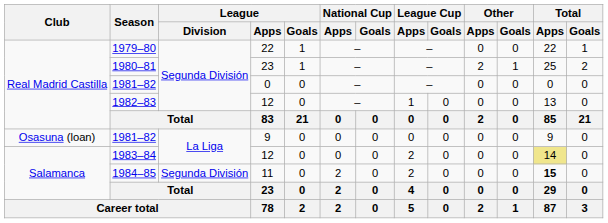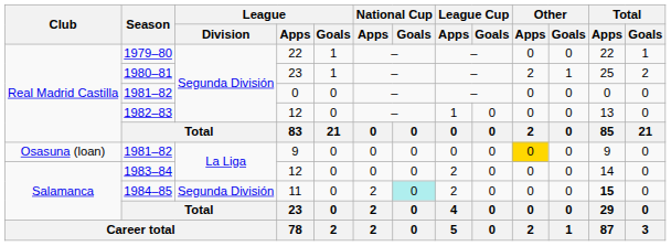 <table class="wikitable" style="text-align: center">
 <tr>
 <th rowspan="2">Club</th>
 <th rowspan="2">Season</th>
 <th colspan="3">League</th>
 <th colspan="2">National Cup</th>
 <th colspan="2">League Cup</th>
 <th colspan="2">Other</th>
 <th colspan="2">Total</th>
 </tr>
 <tr>
 <th>Division</th>
 <th>Apps</th>
 <th>Goals</th>
 <th>Apps</th>
 <th>Goals</th>
 <th>Apps</th>
 <th>Goals</th>
 <th>Apps</th>
 <th>Goals</th>
 <th>Apps</th>
 <th>Goals</th>
 </tr>
 <tr>
 <td rowspan="5"><a href='#'>Real Madrid Castilla</a></td>
 <td><a href='#'>1979–80</a></td>
 <td rowspan="4"><a href='#'>Segunda División</a></td>
 <td>22</td>
 <td>1</td>
 <td colspan="2">–</td>
 <td colspan="2">–</td>
 <td>0</td>
 <td>0</td>
 <td>22</td>
 <td>1</td>
 </tr>
 <tr>
 <td><a href='#'>1980–81</a></td>
 <td>23</td>
 <td>1</td>
 <td colspan="2">–</td>
 <td colspan="2">–</td>
 <td>2</td>
 <td>1</td>
 <td>25</td>
 <td>2</td>
 </tr>
 <tr>
 <td><a href='#'>1981–82</a></td>
 <td>0</td>
 <td>0</td>
 <td colspan="2">–</td>
 <td colspan="2">–</td>
 <td>0</td>
 <td>0</td>
 <td>0</td>
 <td>0</td>
 </tr>
 <tr>
 <td><a href='#'>1982–83</a></td>
 <td>12</td>
 <td>0</td>
 <td colspan="2">–</td>
 <td>1</td>
 <td>0</td>
 <td>0</td>
 <td>0</td>
 <td>13</td>
 <td>0</td>
 </tr>
 <tr>
 <th colspan="2"><strong>Total</strong></th>
 <th>83</th>
 <th>21</th>
 <th>0</th>
 <th>0</th>
 <th>0</th>
 <th>0</th>
 <th>2</th>
 <th>0</th>
 <th>85</th>
 <th>21</th>
 </tr>
 <tr>
 <td><a href='#'>Osasuna</a> (loan)</td>
 <td><a href='#'>1981–82</a></td>
 <td rowspan="2"><a href='#'>La Liga</a></td>
 <td>9</td>
 <td>0</td>
 <td>0</td>
 <td>0</td>
 <td>0</td>
 <td>0</td>
-<td>0</td>
+<td style="background: gold;">0</td>
 <td>0</td>
 <td>9</td>
 <td>0</td>
 </tr>
 <tr>
 <td rowspan="3"><a href='#'>Salamanca</a></td>
 <td><a href='#'>1983–84</a></td>
 <td>12</td>
 <td>0</td>
 <td>0</td>
 <td>0</td>
 <td>2</td>
 <td>0</td>
 <td>0</td>
 <td>0</td>
-<td style="background: khaki;">14</td>
+<td>14</td>
 <td>0</td>
 </tr>
 <tr>
 <td><a href='#'>1984–85</a></td>
 <td><a href='#'>Segunda División</a></td>
 <td>11</td>
 <td>0</td>
 <td>2</td>
-<td>0</td>
+<td style="background: paleturquoise;">0</td>
 <td>2</td>
 <td>0</td>
 <td>0</td>
 <td>0</td>
 <td><strong>15</strong></td>
 <td>0</td>
 </tr>
 <tr>
 <th colspan="2"><strong>Total</strong></th>
 <th>23</th>
 <th>0</th>
 <th>2</th>
 <th>0</th>
 <th>4</th>
 <th>0</th>
 <th>0</th>
 <th>0</th>
 <th>29</th>
 <th>0</th>
 </tr>
 <tr>
 <th colspan="3"><strong>Career total</strong></th>
 <th>78</th>
 <th>2</th>
 <th>2</th>
 <th>0</th>
 <th>5</th>
 <th>0</th>
 <th>2</th>
 <th>1</th>
 <th>87</th>
 <th>3</th>
 </tr>
 </table>
